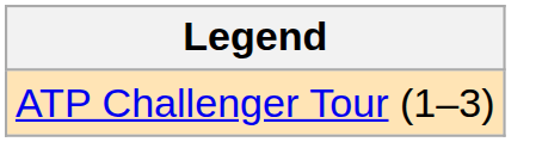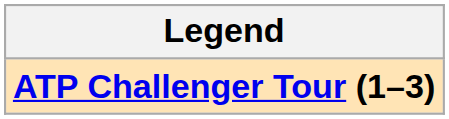 <table class="wikitable">
 <tr>
 <th>Legend</th>
 </tr>
 <tr style="background:moccasin">
-<td><a href='#'>ATP Challenger Tour</a> (1–3)</td>
+<td><strong><a href='#'>ATP Challenger Tour</a> (1–3)</strong></td>
 </tr>
 </table>
